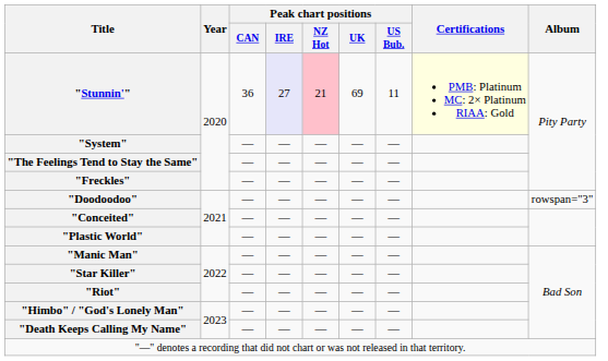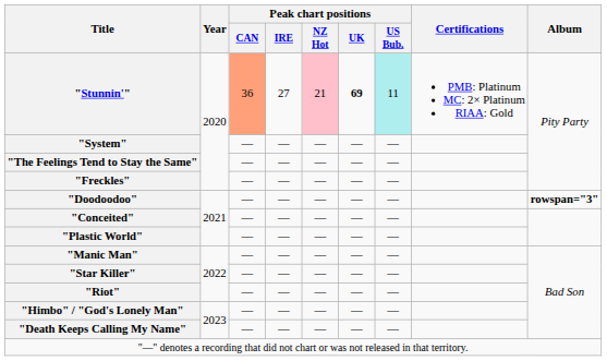 <table class="wikitable plainrowheaders" style="text-align:center;">
 <tr>
 <th rowspan="2">Title</th>
 <th rowspan="2">Year</th>
 <th colspan="5">Peak chart positions</th>
 <th rowspan="2"><a href='#'>Certifications</a></th>
 <th rowspan="2">Album</th>
 </tr>
 <tr>
 <th scope="col" style="width:3em;font-size:90%;"><a href='#'>CAN</a><br></th>
 <th scope="col" style="width:3em;font-size:90%;"><a href='#'>IRE</a><br></th>
 <th scope="col" style="width:3em;font-size:90%;"><a href='#'>NZ<br>Hot</a><br></th>
 <th scope="col" style="width:3em;font-size:90%;"><a href='#'>UK</a><br></th>
 <th scope="col" style="width:3em;font-size:90%;"><a href='#'>US<br>Bub.</a><br></th>
 </tr>
 <tr>
 <th scope="row">"<a href='#'>Stunnin'</a>"<br></th>
 <td rowspan="4">2020</td>
-<td>36</td>
-<td style="background: lavender;">27</td>
+<td style="background: lightsalmon;">36</td>
+<td>27</td>
 <td style="background: pink;">21</td>
-<td>69</td>
-<td>11</td>
-<td style="background: lightyellow;"><br><ul><li><a href='#'>PMB</a>: Platinum</li><li><a href='#'>MC</a>: 2× Platinum</li><li><a href='#'>RIAA</a>: Gold</li></ul></td>
+<td><strong>69</strong></td>
+<td style="background: paleturquoise;">11</td>
+<td><br><ul><li><a href='#'>PMB</a>: Platinum</li><li><a href='#'>MC</a>: 2× Platinum</li><li><a href='#'>RIAA</a>: Gold</li></ul></td>
 <td rowspan="4"><em>Pity Party</em></td>
 </tr>
 <tr>
 <th scope="row">"System"</th>
 <td>—</td>
 <td>—</td>
 <td>—</td>
 <td>—</td>
 <td>—</td>
 <td></td>
 </tr>
 <tr>
 <th scope="row">"The Feelings Tend to Stay the Same"</th>
 <td>—</td>
 <td>—</td>
 <td>—</td>
 <td>—</td>
 <td>—</td>
 <td></td>
 </tr>
 <tr>
 <th scope="row">"Freckles"</th>
 <td>—</td>
 <td>—</td>
 <td>—</td>
 <td>—</td>
 <td>—</td>
 <td></td>
 </tr>
 <tr>
 <th scope="row">"Doodoodoo"</th>
 <td rowspan="3">2021</td>
 <td>—</td>
 <td>—</td>
 <td>—</td>
 <td>—</td>
 <td>—</td>
 <td></td>
-<td>rowspan="3" </td>
+<td><strong>rowspan="3" </strong></td>
 </tr>
 <tr>
 <th scope="row">"Conceited"</th>
 <td>—</td>
 <td>—</td>
 <td>—</td>
 <td>—</td>
 <td>—</td>
 <td></td>
 </tr>
 <tr>
 <th scope="row">"Plastic World"</th>
 <td>—</td>
 <td>—</td>
 <td>—</td>
 <td>—</td>
 <td>—</td>
 <td></td>
 </tr>
 <tr>
 <th scope="row">"Manic Man"</th>
 <td rowspan="3">2022</td>
 <td>—</td>
 <td>—</td>
 <td>—</td>
 <td>—</td>
 <td>—</td>
 <td></td>
 <td rowspan="5"><em>Bad Son</em></td>
 </tr>
 <tr>
 <th scope="row">"Star Killer"</th>
 <td>—</td>
 <td>—</td>
 <td>—</td>
 <td>—</td>
 <td>—</td>
 <td></td>
 </tr>
 <tr>
 <th scope="row">"Riot"<br></th>
 <td>—</td>
 <td>—</td>
 <td>—</td>
 <td>—</td>
 <td>—</td>
 <td></td>
 </tr>
 <tr>
 <th scope="row">"Himbo" / "God's Lonely Man"</th>
 <td rowspan="2">2023</td>
 <td>—</td>
 <td>—</td>
 <td>—</td>
 <td>—</td>
 <td>—</td>
 <td></td>
 </tr>
 <tr>
 <th scope="row">"Death Keeps Calling My Name"<br></th>
 <td>—</td>
 <td>—</td>
 <td>—</td>
 <td>—</td>
 <td>—</td>
 <td></td>
 </tr>
 <tr>
 <td colspan="14" style="font-size:90%">"—" denotes a recording that did not chart or was not released in that territory.</td>
 </tr>
 </table>
